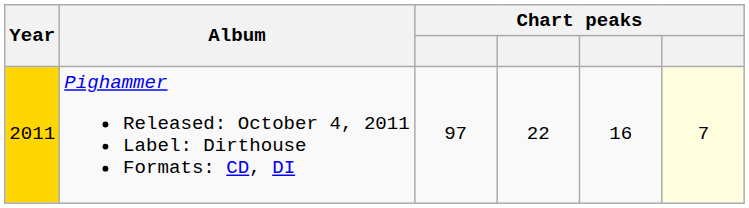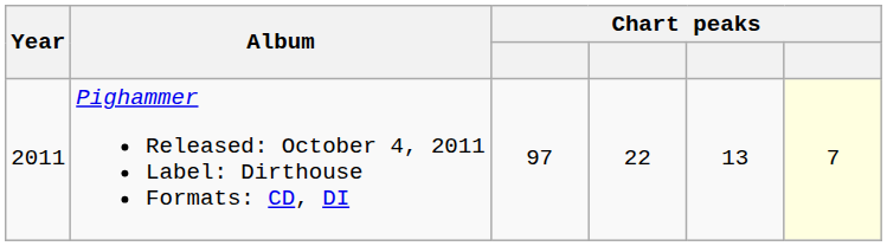 <table class="wikitable">
 <tr>
 <th rowspan="2">Year</th>
 <th rowspan="2">Album</th>
 <th colspan="5">Chart peaks</th>
 </tr>
 <tr>
 <th style="width:50px;"><br></th>
 <th style="width:50px;"></th>
 <th style="width:50px;"></th>
 <th style="width:50px;"></th>
 </tr>
 <tr>
-<td style="background: gold;">2011</td>
+<td>2011</td>
 <td><em><a href='#'>Pighammer</a></em><br><ul><li>Released: October 4, 2011</li><li>Label: Dirthouse</li><li>Formats: <a href='#'>CD</a>, <a href='#'>DI</a></li></ul></td>
 <td style="text-align:center;">97</td>
 <td style="text-align:center;">22</td>
-<td style="text-align:center;">16</td>
+<td style="text-align:center;">13</td>
 <td style="background: lightyellow; text-align:center;">7</td>
 </tr>
 </table>
